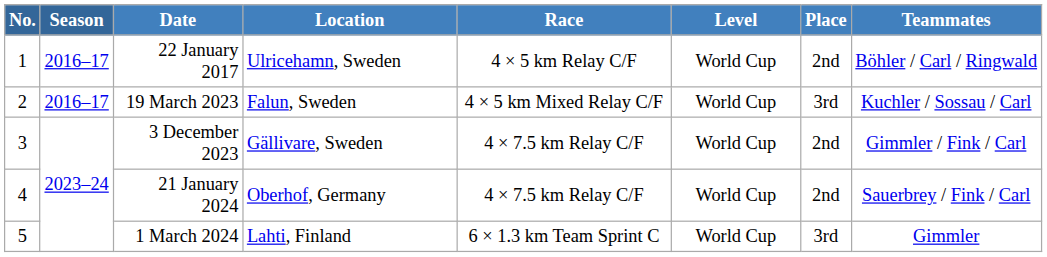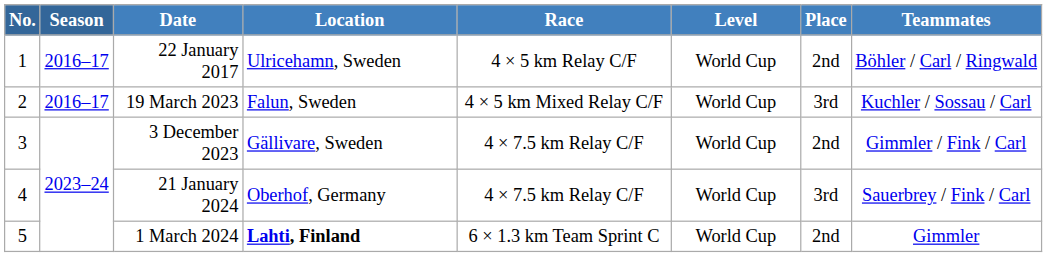 <table class="wikitable sortable" style="font-size:95%; text-align:center; border:grey solid 1px; border-collapse:collapse; background:#ffffff;">
 <tr style="background:#efefef;">
 <th style="background-color:#369; color:white;">No.</th>
 <th style="background-color:#369; color:white;">Season</th>
 <th style="background-color:#4180be; color:white; width:100px;">Date</th>
 <th style="background-color:#4180be; color:white; width:170px;">Location</th>
 <th style="background-color:#4180be; color:white; width:170px;">Race</th>
 <th style="background-color:#4180be; color:white; width:100px;">Level</th>
 <th style="background-color:#4180be; color:white;">Place</th>
 <th style="background-color:#4180be; color:white;">Teammates</th>
 </tr>
 <tr>
 <td align=center>1</td>
 <td align=center><a href='#'>2016–17</a></td>
 <td align=right>22 January 2017</td>
 <td align=left> <a href='#'>Ulricehamn</a>, Sweden</td>
 <td>4 × 5 km Relay C/F</td>
 <td>World Cup</td>
 <td>2nd</td>
 <td><a href='#'>Böhler</a> / <a href='#'>Carl</a> / <a href='#'>Ringwald</a></td>
 </tr>
 <tr>
 <td align=center>2</td>
 <td align=center><a href='#'>2016–17</a></td>
 <td align=right>19 March 2023</td>
 <td align=left> <a href='#'>Falun</a>, Sweden</td>
 <td>4 × 5 km Mixed Relay C/F</td>
 <td>World Cup</td>
 <td>3rd</td>
 <td><a href='#'>Kuchler</a> / <a href='#'>Sossau</a> / <a href='#'>Carl</a></td>
 </tr>
 <tr>
 <td align=center>3</td>
 <td rowspan=3 align=center><a href='#'>2023–24</a></td>
 <td align=right>3 December 2023</td>
 <td align=left> <a href='#'>Gällivare</a>, Sweden</td>
 <td>4  × 7.5 km Relay C/F</td>
 <td>World Cup</td>
 <td>2nd</td>
 <td><a href='#'>Gimmler</a> / <a href='#'>Fink</a> / <a href='#'>Carl</a></td>
 </tr>
 <tr>
 <td align=center>4</td>
 <td align=right>21 January 2024</td>
 <td align=left> <a href='#'>Oberhof</a>, Germany</td>
 <td>4 × 7.5 km Relay C/F</td>
 <td>World Cup</td>
-<td>2nd</td>
+<td>3rd</td>
 <td><a href='#'>Sauerbrey</a> / <a href='#'>Fink</a> / <a href='#'>Carl</a></td>
 </tr>
 <tr>
 <td align=center>5</td>
 <td align=right>1 March 2024</td>
-<td align=left> <a href='#'>Lahti</a>, Finland</td>
+<td align=left><strong> <a href='#'>Lahti</a>, Finland</strong></td>
 <td>6 × 1.3 km Team Sprint C</td>
 <td>World Cup</td>
-<td>3rd</td>
+<td>2nd</td>
 <td><a href='#'>Gimmler</a></td>
 </tr>
 </table>
